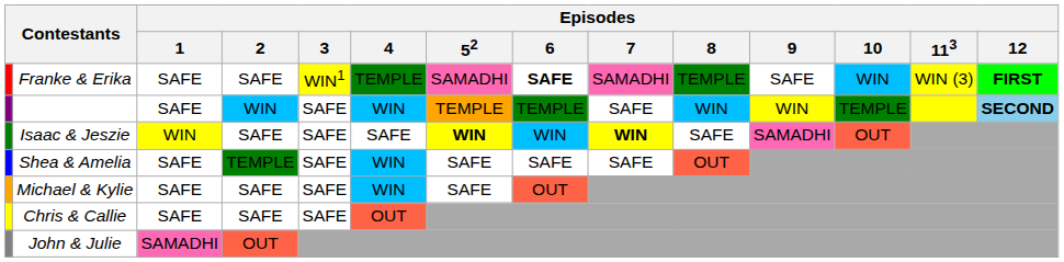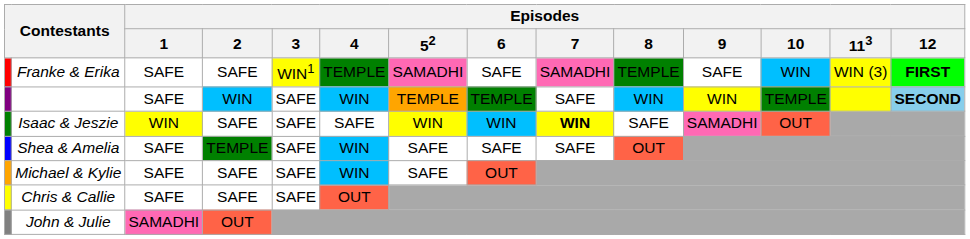 <table class="wikitable" style="text-align:center; background:white">
 <tr>
 <th colspan=2 rowspan=2>Contestants</th>
 <th colspan=13>Episodes</th>
 </tr>
 <tr>
 <th>1</th>
 <th>2</th>
 <th>3</th>
 <th>4</th>
 <th>5<sup>2</sup></th>
 <th>6</th>
 <th>7</th>
 <th>8</th>
 <th>9</th>
 <th>10</th>
 <th>11<sup>3</sup></th>
 <th>12</th>
 </tr>
 <tr>
 <td style="background:red;"></td>
 <td><em>Franke & Erika</em></td>
 <td>SAFE</td>
 <td>SAFE</td>
 <td style="background:yellow;">WIN<sup>1</sup></td>
 <td style="background:green;"><span>TEMPLE</span></td>
 <td style="background:hotpink;">SAMADHI</td>
-<td><strong>SAFE</strong></td>
+<td>SAFE</td>
 <td style="background:hotpink;">SAMADHI</td>
 <td style="background:green;"><span>TEMPLE</span></td>
 <td>SAFE</td>
 <td style="background:deepskyblue;">WIN</td>
 <td style="background:yellow;">WIN (3)</td>
 <td style="background:lime;"><strong>FIRST</strong></td>
 </tr>
 <tr>
 <td style="background:purple;"></td>
 <td></td>
 <td>SAFE</td>
 <td style="background:deepskyblue;">WIN</td>
 <td>SAFE</td>
 <td style="background:deepskyblue;">WIN</td>
 <td style="background:orange;">TEMPLE</td>
 <td style="background:green;"><span>TEMPLE</span></td>
 <td>SAFE</td>
 <td style="background:deepskyblue;">WIN</td>
 <td style="background:yellow;">WIN</td>
 <td style="background:green;"><span>TEMPLE</span></td>
 <td style="background:yellow;"></td>
 <td style="background:skyblue;"><strong>SECOND</strong></td>
 </tr>
 <tr>
 <td style="background:green;"></td>
 <td><em>Isaac & Jeszie</em></td>
 <td style="background:yellow;">WIN</td>
 <td>SAFE</td>
 <td>SAFE</td>
 <td>SAFE</td>
-<td style="background:yellow;"><strong>WIN</strong></td>
+<td style="background:yellow;">WIN</td>
 <td style="background:deepskyblue;">WIN</td>
 <td style="background:yellow;"><strong>WIN</strong></td>
 <td>SAFE</td>
 <td style="background:hotpink;">SAMADHI</td>
 <td style="background:tomato;">OUT</td>
 <td style="background:darkgrey;" colspan="2"></td>
 </tr>
 <tr>
 <td style="background:blue;"></td>
 <td><em>Shea & Amelia</em></td>
 <td>SAFE</td>
 <td style="background:green;"><span>TEMPLE</span></td>
 <td>SAFE</td>
 <td style="background:deepskyblue;">WIN</td>
 <td>SAFE</td>
 <td>SAFE</td>
 <td>SAFE</td>
 <td style="background:tomato;">OUT</td>
 <td style="background:darkgrey;" colspan="4"></td>
 </tr>
 <tr>
 <td style="background:orange;"></td>
 <td><em>Michael & Kylie</em></td>
 <td>SAFE</td>
 <td>SAFE</td>
 <td>SAFE</td>
 <td style="background:deepskyblue;">WIN</td>
 <td>SAFE</td>
 <td style="background:tomato;">OUT</td>
 <td style="background:darkgrey;" colspan="6"></td>
 </tr>
 <tr>
 <td style="background:yellow;"></td>
 <td><em>Chris & Callie</em></td>
 <td>SAFE</td>
 <td>SAFE</td>
 <td>SAFE</td>
 <td style="background:tomato;">OUT</td>
 <td style="background:darkgrey;" colspan="8"></td>
 </tr>
 <tr>
 <td style="background:gray;"></td>
 <td><em>John & Julie</em></td>
 <td style="background:hotpink;">SAMADHI</td>
 <td style="background:tomato;">OUT</td>
 <td style="background:darkgrey;" colspan="10"></td>
 </tr>
 </table>
